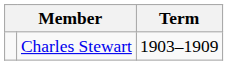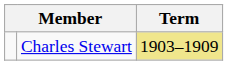 <table class="wikitable">
 <tr>
 <th colspan="2">Member</th>
 <th>Term</th>
 </tr>
 <tr>
 <td> </td>
 <td><a href='#'>Charles Stewart</a></td>
-<td>1903–1909</td>
+<td style="background: khaki;">1903–1909</td>
 </tr>
 </table>
